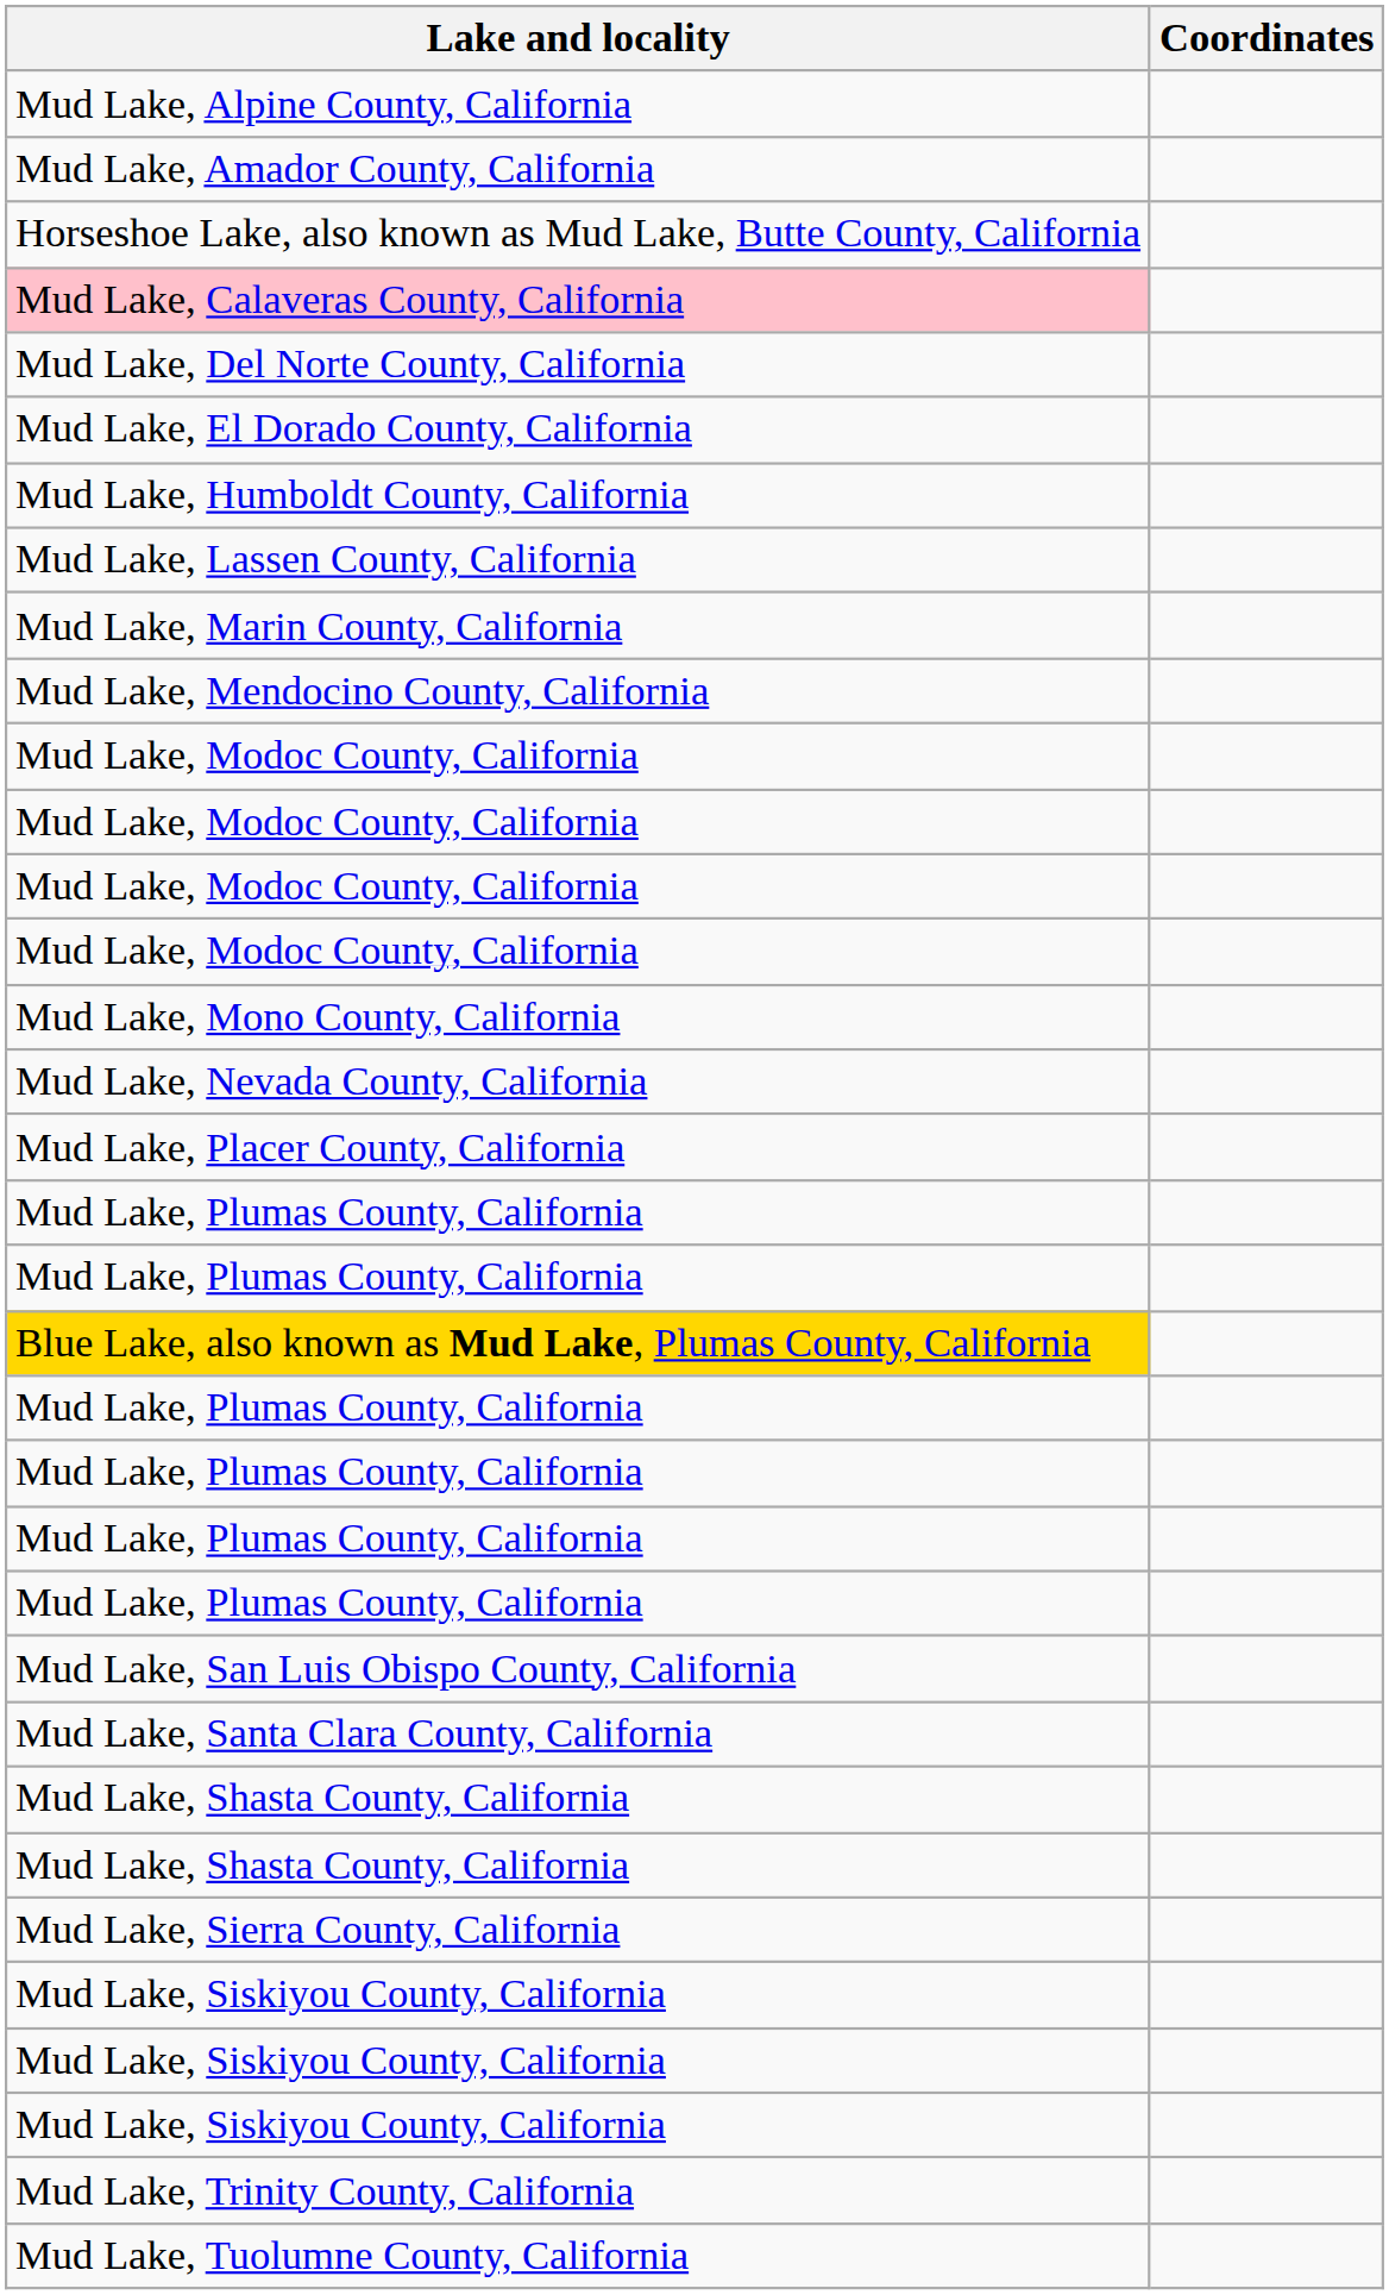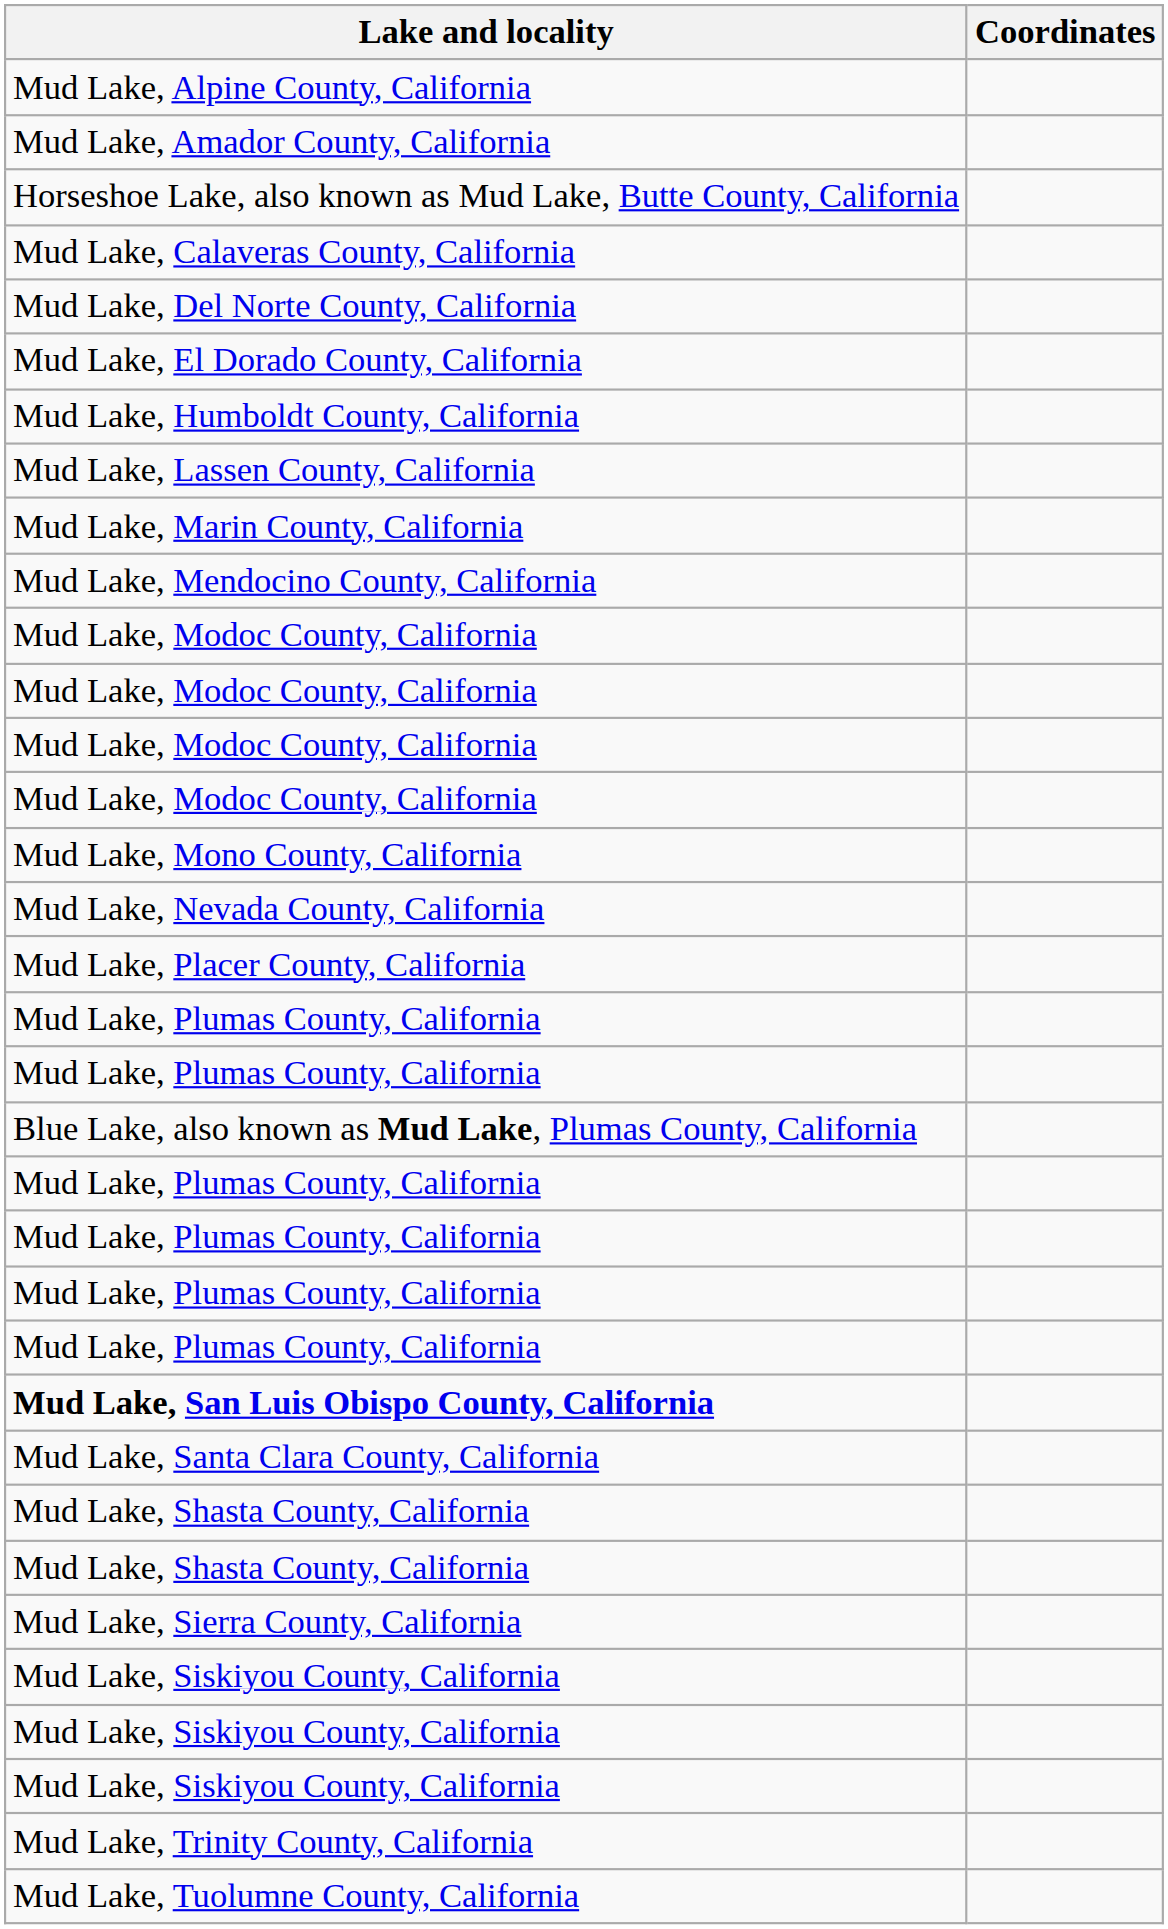 <table class="wikitable sortable">
 <tr>
 <th>Lake and locality</th>
 <th>Coordinates</th>
 </tr>
 <tr class="vcard">
 <td class="fn org">Mud Lake, <span><span><a href='#'>Alpine County, California</a></span></span></td>
 <td></td>
 </tr>
 <tr class="vcard">
 <td class="fn org">Mud Lake, <span><span><a href='#'>Amador County, California</a></span></span></td>
 <td></td>
 </tr>
 <tr class="vcard">
 <td class="fn org">Horseshoe Lake, also known as Mud Lake, <span><span><a href='#'>Butte County, California</a></span></span></td>
 <td></td>
 </tr>
 <tr class="vcard">
-<td class="fn org" style="background: pink;">Mud Lake, <span><span><a href='#'>Calaveras County, California</a></span></span></td>
+<td class="fn org">Mud Lake, <span><span><a href='#'>Calaveras County, California</a></span></span></td>
 <td></td>
 </tr>
 <tr class="vcard">
 <td class="fn org">Mud Lake, <span><span><a href='#'>Del Norte County, California</a></span></span></td>
 <td></td>
 </tr>
 <tr class="vcard">
 <td class="fn org">Mud Lake, <span><span><a href='#'>El Dorado County, California</a></span></span></td>
 <td></td>
 </tr>
 <tr class="vcard">
 <td class="fn org">Mud Lake, <span><span><a href='#'>Humboldt County, California</a></span></span></td>
 <td></td>
 </tr>
 <tr class="vcard">
 <td class="fn org">Mud Lake, <span><span><a href='#'>Lassen County, California</a></span></span></td>
 <td></td>
 </tr>
 <tr class="vcard">
 <td class="fn org">Mud Lake, <span><span><a href='#'>Marin County, California</a></span></span></td>
 <td></td>
 </tr>
 <tr class="vcard">
 <td class="fn org">Mud Lake, <span><span><a href='#'>Mendocino County, California</a></span></span></td>
 <td></td>
 </tr>
 <tr class="vcard">
 <td class="fn org">Mud Lake, <span><span><a href='#'>Modoc County, California</a></span></span></td>
 <td></td>
 </tr>
 <tr class="vcard">
 <td class="fn org">Mud Lake, <span><span><a href='#'>Modoc County, California</a></span></span></td>
 <td></td>
 </tr>
 <tr class="vcard">
 <td class="fn org">Mud Lake, <span><span><a href='#'>Modoc County, California</a></span></span></td>
 <td></td>
 </tr>
 <tr class="vcard">
 <td class="fn org">Mud Lake, <span><span><a href='#'>Modoc County, California</a></span></span></td>
 <td></td>
 </tr>
 <tr class="vcard">
 <td class="fn org">Mud Lake, <span><span><a href='#'>Mono County, California</a></span></span></td>
 <td></td>
 </tr>
 <tr class="vcard">
 <td class="fn org">Mud Lake, <span><span><a href='#'>Nevada County, California</a></span></span></td>
 <td></td>
 </tr>
 <tr class="vcard">
 <td class="fn org">Mud Lake, <span><span><a href='#'>Placer County, California</a></span></span></td>
 <td></td>
 </tr>
 <tr class="vcard">
 <td class="fn org">Mud Lake, <span><span><a href='#'>Plumas County, California</a></span></span></td>
 <td></td>
 </tr>
 <tr class="vcard">
 <td class="fn org">Mud Lake, <span><span><a href='#'>Plumas County, California</a></span></span></td>
 <td></td>
 </tr>
 <tr class="vcard">
-<td class="fn org" style="background: gold;">Blue Lake, also known as <strong>Mud Lake</strong>, <span><span><a href='#'>Plumas County, California</a></span></span></td>
+<td class="fn org">Blue Lake, also known as <strong>Mud Lake</strong>, <span><span><a href='#'>Plumas County, California</a></span></span></td>
 <td></td>
 </tr>
 <tr class="vcard">
 <td class="fn org">Mud Lake, <span><span><a href='#'>Plumas County, California</a></span></span></td>
 <td></td>
 </tr>
 <tr class="vcard">
 <td class="fn org">Mud Lake, <span><span><a href='#'>Plumas County, California</a></span></span></td>
 <td></td>
 </tr>
 <tr class="vcard">
 <td class="fn org">Mud Lake, <span><span><a href='#'>Plumas County, California</a></span></span></td>
 <td></td>
 </tr>
 <tr class="vcard">
 <td class="fn org">Mud Lake, <span><span><a href='#'>Plumas County, California</a></span></span></td>
 <td></td>
 </tr>
 <tr class="vcard">
-<td class="fn org">Mud Lake, <span><span><a href='#'>San Luis Obispo County, California</a></span></span></td>
+<td class="fn org"><strong>Mud Lake, <span><span><a href='#'>San Luis Obispo County, California</a></span></span></strong></td>
 <td></td>
 </tr>
 <tr class="vcard">
 <td class="fn org">Mud Lake, <span><span><a href='#'>Santa Clara County, California</a></span></span></td>
 <td></td>
 </tr>
 <tr class="vcard">
 <td class="fn org">Mud Lake, <span><span><a href='#'>Shasta County, California</a></span></span></td>
 <td></td>
 </tr>
 <tr class="vcard">
 <td class="fn org">Mud Lake, <span><span><a href='#'>Shasta County, California</a></span></span></td>
 <td></td>
 </tr>
 <tr class="vcard">
 <td class="fn org">Mud Lake, <span><span><a href='#'>Sierra County, California</a></span></span></td>
 <td></td>
 </tr>
 <tr class="vcard">
 <td class="fn org">Mud Lake, <span><span><a href='#'>Siskiyou County, California</a></span></span></td>
 <td></td>
 </tr>
 <tr class="vcard">
 <td class="fn org">Mud Lake, <span><span><a href='#'>Siskiyou County, California</a></span></span></td>
 <td></td>
 </tr>
 <tr class="vcard">
 <td class="fn org">Mud Lake, <span><span><a href='#'>Siskiyou County, California</a></span></span></td>
 <td></td>
 </tr>
 <tr class="vcard">
 <td class="fn org">Mud Lake, <span><span><a href='#'>Trinity County, California</a></span></span></td>
 <td></td>
 </tr>
 <tr class="vcard">
 <td class="fn org">Mud Lake, <span><span><a href='#'>Tuolumne County, California</a></span></span></td>
 <td></td>
 </tr>
 </table>
